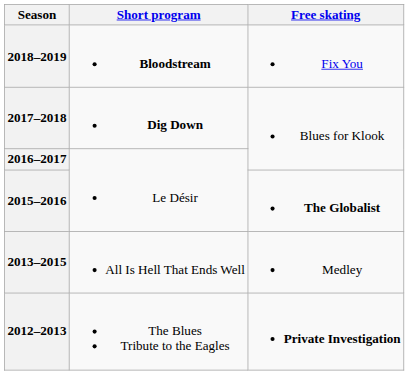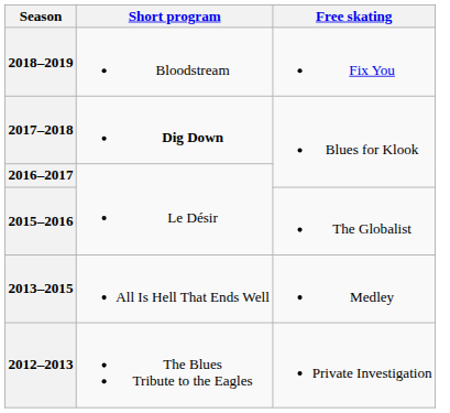 <table class=wikitable style=text-align:center>
 <tr>
 <th>Season</th>
 <th><a href='#'>Short program</a></th>
 <th><a href='#'>Free skating</a></th>
 </tr>
 <tr>
 <th>2018–2019</th>
-<td><strong><br><ul><li>Bloodstream <br> </li></ul></strong></td>
+<td><br><ul><li>Bloodstream <br> </li></ul></td>
 <td><br><ul><li><a href='#'>Fix You</a> <br> </li></ul></td>
 </tr>
 <tr>
 <th>2017–2018 <br></th>
 <td><strong><br><ul><li>Dig Down <br></li></ul></strong></td>
 <td rowspan=2><br><ul><li>Blues for Klook <br></li></ul></td>
 </tr>
 <tr>
 <th>2016–2017 <br></th>
 <td rowspan=2><br><ul><li>Le Désir <br></li></ul></td>
 </tr>
 <tr>
 <th>2015–2016 <br></th>
-<td><strong><br><ul><li>The Globalist <br></li></ul></strong></td>
+<td><br><ul><li>The Globalist <br></li></ul></td>
 </tr>
 <tr>
 <th>2013–2015 <br></th>
 <td><br><ul><li>All Is Hell That Ends Well <br></li></ul></td>
 <td><br><ul><li>Medley <br></li></ul></td>
 </tr>
 <tr>
 <th>2012–2013 <br></th>
 <td><br><ul><li>The Blues</li><li>Tribute to the Eagles</li></ul></td>
-<td><strong><br><ul><li>Private Investigation <br></li></ul></strong></td>
+<td><br><ul><li>Private Investigation <br></li></ul></td>
 </tr>
 </table>
